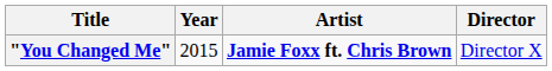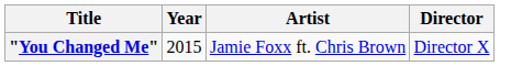 <table class="wikitable plainrowheaders sortable" style="margin-right: 0;">
 <tr>
 <th scope="col">Title</th>
 <th scope="col">Year</th>
 <th scope="col">Artist</th>
 <th scope="col" class="unsortable">Director</th>
 </tr>
 <tr>
 <th scope="row">"<a href='#'>You Changed Me</a>"</th>
 <td rowspan="3">2015</td>
-<td><strong><a href='#'>Jamie Foxx</a> ft. <a href='#'>Chris Brown</a></strong></td>
+<td><a href='#'>Jamie Foxx</a> ft. <a href='#'>Chris Brown</a></td>
 <td><a href='#'>Director X</a></td>
 </tr>
 </table>
